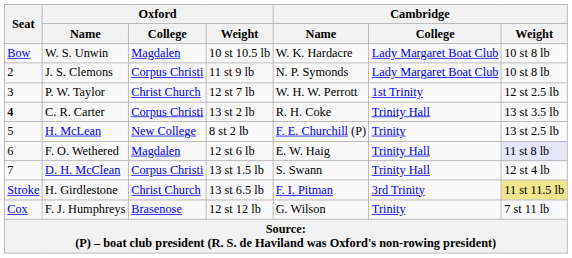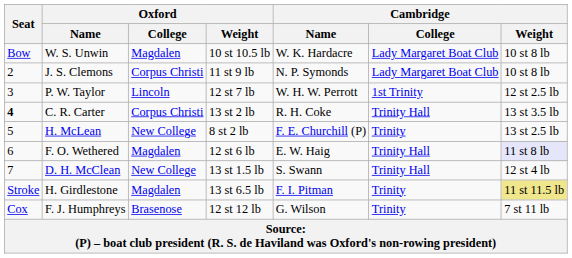 <table class="wikitable">
 <tr>
 <th rowspan="2" scope="col">Seat</th>
 <th colspan="3" scope="col">Oxford <br> </th>
 <th colspan="3" scope="col">Cambridge <br> </th>
 </tr>
 <tr>
 <th>Name</th>
 <th>College</th>
 <th>Weight</th>
 <th>Name</th>
 <th>College</th>
 <th>Weight</th>
 </tr>
 <tr>
 <td><a href='#'>Bow</a></td>
 <td>W. S. Unwin</td>
 <td><a href='#'>Magdalen</a></td>
 <td>10 st 10.5 lb</td>
 <td>W. K. Hardacre</td>
 <td><a href='#'>Lady Margaret Boat Club</a></td>
 <td>10 st 8 lb</td>
 </tr>
 <tr>
 <td>2</td>
 <td>J. S. Clemons</td>
 <td><a href='#'>Corpus Christi</a></td>
 <td>11 st 9 lb</td>
 <td>N. P. Symonds</td>
 <td><a href='#'>Lady Margaret Boat Club</a></td>
 <td>10 st 8 lb</td>
 </tr>
 <tr>
 <td>3</td>
 <td>P. W. Taylor</td>
-<td><a href='#'>Christ Church</a></td>
+<td><a href='#'>Lincoln</a></td>
 <td>12 st 7 lb</td>
 <td>W. H. W. Perrott</td>
 <td><a href='#'>1st Trinity</a></td>
 <td>12 st 2.5 lb</td>
 </tr>
 <tr>
 <td><strong>4</strong></td>
 <td>C. R. Carter</td>
 <td><a href='#'>Corpus Christi</a></td>
 <td>13 st 2 lb</td>
 <td>R. H. Coke</td>
 <td><a href='#'>Trinity Hall</a></td>
 <td>13 st 3.5 lb</td>
 </tr>
 <tr>
 <td>5</td>
 <td><a href='#'>H. McLean</a></td>
 <td><a href='#'>New College</a></td>
 <td>8 st 2 lb</td>
 <td><a href='#'>F. E. Churchill</a> (P)</td>
 <td><a href='#'>Trinity</a></td>
 <td>13 st 2.5 lb</td>
 </tr>
 <tr>
 <td>6</td>
 <td>F. O. Wethered</td>
 <td><a href='#'>Magdalen</a></td>
 <td>12 st 6 lb</td>
 <td>E. W. Haig</td>
 <td><a href='#'>Trinity Hall</a></td>
 <td style="background: lavender;">11 st 8 lb</td>
 </tr>
 <tr>
 <td>7</td>
 <td><a href='#'>D. H. McClean</a></td>
-<td><a href='#'>Corpus Christi</a></td>
+<td><a href='#'>New College</a></td>
 <td>13 st 1.5 lb</td>
 <td>S. Swann</td>
 <td><a href='#'>Trinity Hall</a></td>
 <td>12 st 4 lb</td>
 </tr>
 <tr>
 <td><a href='#'>Stroke</a></td>
 <td>H. Girdlestone</td>
-<td><a href='#'>Christ Church</a></td>
+<td><a href='#'>Magdalen</a></td>
 <td>13 st 6.5 lb</td>
 <td><a href='#'>F. I. Pitman</a></td>
-<td><a href='#'>3rd Trinity</a></td>
+<td><a href='#'>Trinity</a></td>
 <td style="background: khaki;">11 st 11.5 lb</td>
 </tr>
 <tr>
 <td><a href='#'>Cox</a></td>
 <td>F. J. Humphreys</td>
 <td><a href='#'>Brasenose</a></td>
 <td>12 st 12 lb</td>
 <td>G. Wilson</td>
 <td><a href='#'>Trinity</a></td>
 <td>7 st 11 lb</td>
 </tr>
 <tr>
 <th colspan="7">Source:<br>(P) – boat club president (R. S. de Haviland was Oxford's non-rowing president)</th>
 </tr>
 </table>
